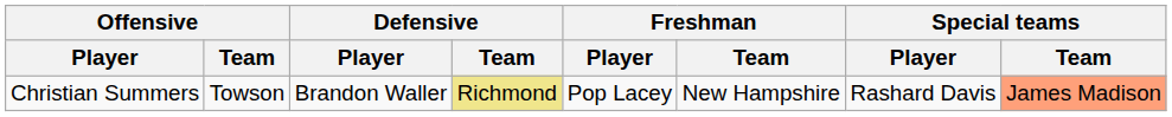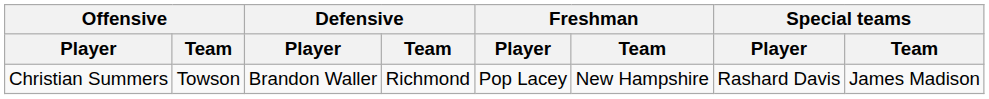 <table class="wikitable" border="1">
 <tr>
 <th colspan="2">Offensive</th>
 <th colspan="2">Defensive</th>
 <th colspan="2">Freshman</th>
 <th colspan="2">Special teams</th>
 </tr>
 <tr>
 <th>Player</th>
 <th>Team</th>
 <th>Player</th>
 <th>Team</th>
 <th>Player</th>
 <th>Team</th>
 <th>Player</th>
 <th>Team</th>
 </tr>
 <tr>
 <td>Christian Summers</td>
 <td>Towson</td>
 <td>Brandon Waller</td>
-<td style="background: khaki;">Richmond</td>
+<td>Richmond</td>
 <td>Pop Lacey</td>
 <td>New Hampshire</td>
 <td>Rashard Davis</td>
-<td style="background: lightsalmon;">James Madison</td>
+<td>James Madison</td>
 </tr>
 </table>
